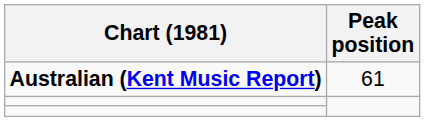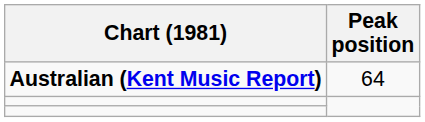 <table class="wikitable sortable plainrowheaders">
 <tr>
 <th scope="col">Chart (1981)</th>
 <th scope="col">Peak<br>position</th>
 </tr>
 <tr>
 <td><strong>Australian (<a href='#'>Kent Music Report</a>)</strong></td>
-<td style="text-align:center;">61</td>
+<td style="text-align:center;">64</td>
 </tr>
 <tr>
 <td></td>
 </tr>
 <tr>
 <td></td>
 </tr>
 </table>
